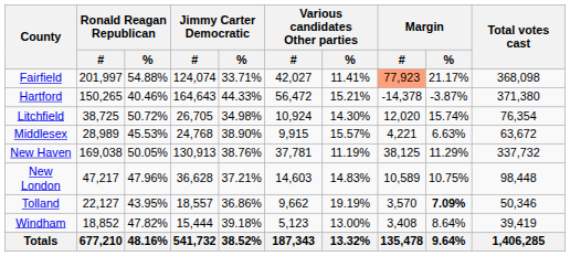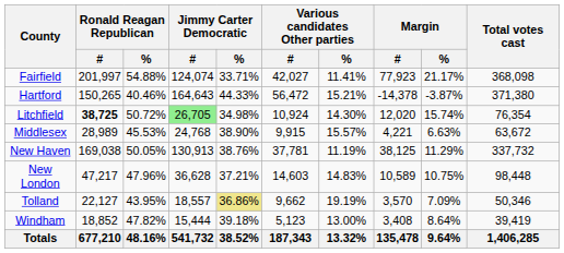 <table width="60%"  class="wikitable sortable" style="text-align:center">
 <tr>
 <th style="text-align:center;" rowspan="2">County</th>
 <th style="text-align:center;" colspan="2">Ronald Reagan<br>Republican</th>
 <th style="text-align:center;" colspan="2">Jimmy Carter<br>Democratic</th>
 <th style="text-align:center;" colspan="2">Various candidates<br>Other parties</th>
 <th style="text-align:center;" colspan="2">Margin</th>
 <th style="text-align:center;" rowspan="2">Total votes cast</th>
 </tr>
 <tr>
 <th style="text-align:center;" data-sort-type="number">#</th>
 <th style="text-align:center;" data-sort-type="number">%</th>
 <th style="text-align:center;" data-sort-type="number">#</th>
 <th style="text-align:center;" data-sort-type="number">%</th>
 <th style="text-align:center;" data-sort-type="number">#</th>
 <th style="text-align:center;" data-sort-type="number">%</th>
 <th style="text-align:center;" data-sort-type="number">#</th>
 <th style="text-align:center;" data-sort-type="number">%</th>
 </tr>
 <tr style="text-align:center;">
 <td><a href='#'>Fairfield</a></td>
 <td>201,997</td>
 <td>54.88%</td>
 <td>124,074</td>
 <td>33.71%</td>
 <td>42,027</td>
 <td>11.41%</td>
-<td style="background: lightsalmon;">77,923</td>
+<td>77,923</td>
 <td>21.17%</td>
 <td>368,098</td>
 </tr>
 <tr style="text-align:center;">
 <td><a href='#'>Hartford</a></td>
 <td>150,265</td>
 <td>40.46%</td>
 <td>164,643</td>
 <td>44.33%</td>
 <td>56,472</td>
 <td>15.21%</td>
 <td>-14,378</td>
 <td>-3.87%</td>
 <td>371,380</td>
 </tr>
 <tr style="text-align:center;">
 <td><a href='#'>Litchfield</a></td>
-<td>38,725</td>
+<td><strong>38,725</strong></td>
 <td>50.72%</td>
-<td>26,705</td>
+<td style="background: lightgreen;">26,705</td>
 <td>34.98%</td>
 <td>10,924</td>
 <td>14.30%</td>
 <td>12,020</td>
 <td>15.74%</td>
 <td>76,354</td>
 </tr>
 <tr style="text-align:center;">
 <td><a href='#'>Middlesex</a></td>
 <td>28,989</td>
 <td>45.53%</td>
 <td>24,768</td>
 <td>38.90%</td>
 <td>9,915</td>
 <td>15.57%</td>
 <td>4,221</td>
 <td>6.63%</td>
 <td>63,672</td>
 </tr>
 <tr style="text-align:center;">
 <td><a href='#'>New Haven</a></td>
 <td>169,038</td>
 <td>50.05%</td>
 <td>130,913</td>
 <td>38.76%</td>
 <td>37,781</td>
 <td>11.19%</td>
 <td>38,125</td>
 <td>11.29%</td>
 <td>337,732</td>
 </tr>
 <tr style="text-align:center;">
 <td><a href='#'>New London</a></td>
 <td>47,217</td>
 <td>47.96%</td>
 <td>36,628</td>
 <td>37.21%</td>
 <td>14,603</td>
 <td>14.83%</td>
 <td>10,589</td>
 <td>10.75%</td>
 <td>98,448</td>
 </tr>
 <tr style="text-align:center;">
 <td><a href='#'>Tolland</a></td>
 <td>22,127</td>
 <td>43.95%</td>
 <td>18,557</td>
-<td>36.86%</td>
+<td style="background: khaki;">36.86%</td>
 <td>9,662</td>
 <td>19.19%</td>
 <td>3,570</td>
-<td><strong>7.09%</strong></td>
+<td>7.09%</td>
 <td>50,346</td>
 </tr>
 <tr style="text-align:center;">
 <td><a href='#'>Windham</a></td>
 <td>18,852</td>
 <td>47.82%</td>
 <td>15,444</td>
 <td>39.18%</td>
 <td>5,123</td>
 <td>13.00%</td>
 <td>3,408</td>
 <td>8.64%</td>
 <td>39,419</td>
 </tr>
 <tr>
 <th>Totals</th>
 <th>677,210</th>
 <th>48.16%</th>
 <th>541,732</th>
 <th>38.52%</th>
 <th>187,343</th>
 <th>13.32%</th>
 <th>135,478</th>
 <th>9.64%</th>
 <th>1,406,285</th>
 </tr>
 </table>
